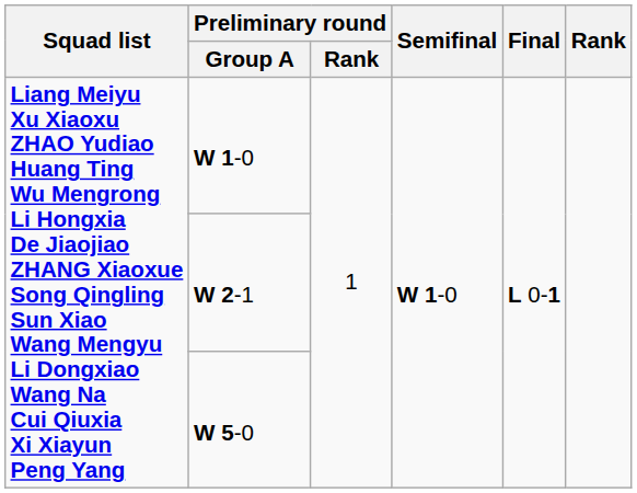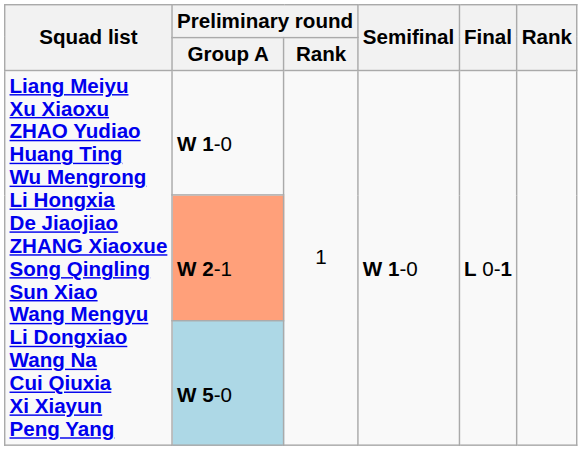 <table class="wikitable" style="text-align:left; font-size:90%">
 <tr>
 <th rowspan="2">Squad list</th>
 <th colspan="2">Preliminary round</th>
 <th rowspan="2">Semifinal</th>
 <th rowspan="2">Final</th>
 <th rowspan="2">Rank</th>
 </tr>
 <tr>
 <th>Group A</th>
 <th>Rank</th>
 </tr>
 <tr>
 <td rowspan=3><strong><a href='#'>Liang Meiyu</a><br><a href='#'>Xu Xiaoxu</a><br><a href='#'>ZHAO Yudiao</a><br><a href='#'>Huang Ting</a><br><a href='#'>Wu Mengrong</a><br><a href='#'>Li Hongxia</a><br><a href='#'>De Jiaojiao</a><br><a href='#'>ZHANG Xiaoxue</a><br><a href='#'>Song Qingling</a><br><a href='#'>Sun Xiao</a><br><a href='#'>Wang Mengyu</a><br><a href='#'>Li Dongxiao</a><br><a href='#'>Wang Na</a><br><a href='#'>Cui Qiuxia</a><br><a href='#'>Xi Xiayun</a><br><a href='#'>Peng Yang</a></strong></td>
 <td><br><strong>W</strong> <strong>1</strong>-0</td>
 <td rowspan="3" style="text-align:center;">1 <strong></strong></td>
 <td rowspan=3><br><strong>W</strong> <strong>1</strong>-0</td>
 <td rowspan=3><br><strong>L</strong> 0-<strong>1</strong></td>
 <td rowspan="3" style="text-align:center;"></td>
 </tr>
 <tr>
-<td><br><strong>W</strong> <strong>2</strong>-1</td>
+<td style="background: lightsalmon;"><br><strong>W</strong> <strong>2</strong>-1</td>
 </tr>
 <tr>
-<td><br><strong>W</strong> <strong>5</strong>-0</td>
+<td style="background: lightblue;"><br><strong>W</strong> <strong>5</strong>-0</td>
 </tr>
 </table>
